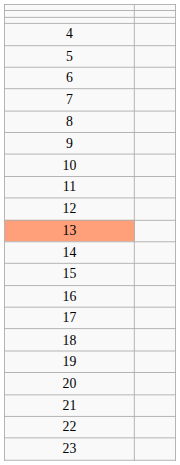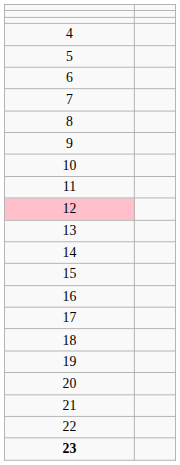 <table class="wikitable" style="width:200px;">
 <tr>
 <td align=center></td>
 <td></td>
 </tr>
 <tr>
 <td align=center></td>
 <td></td>
 </tr>
 <tr>
 <td align=center></td>
 <td></td>
 </tr>
 <tr>
 <td align=center>4</td>
 <td></td>
 </tr>
 <tr>
 <td align=center>5</td>
 <td></td>
 </tr>
 <tr>
 <td align=center>6</td>
 <td></td>
 </tr>
 <tr>
 <td align=center>7</td>
 <td></td>
 </tr>
 <tr>
 <td align=center>8</td>
 <td></td>
 </tr>
 <tr>
 <td align=center>9</td>
 <td></td>
 </tr>
 <tr>
 <td align=center>10</td>
 <td></td>
 </tr>
 <tr>
 <td align=center>11</td>
 <td></td>
 </tr>
 <tr>
-<td align=center>12</td>
+<td align=center style="background: pink;">12</td>
 <td></td>
 </tr>
 <tr>
-<td align=center style="background: lightsalmon;">13</td>
+<td align=center>13</td>
 <td></td>
 </tr>
 <tr>
 <td align=center>14</td>
 <td></td>
 </tr>
 <tr>
 <td align=center>15</td>
 <td></td>
 </tr>
 <tr>
 <td align=center>16</td>
 <td></td>
 </tr>
 <tr>
 <td align=center>17</td>
 <td></td>
 </tr>
 <tr>
 <td align=center>18</td>
 <td></td>
 </tr>
 <tr>
 <td align=center>19</td>
 <td></td>
 </tr>
 <tr>
 <td align=center>20</td>
 <td></td>
 </tr>
 <tr>
 <td align=center>21</td>
 <td></td>
 </tr>
 <tr>
 <td align=center>22</td>
 <td></td>
 </tr>
 <tr>
-<td align=center>23</td>
+<td align=center><strong>23</strong></td>
 <td></td>
 </tr>
 </table>
